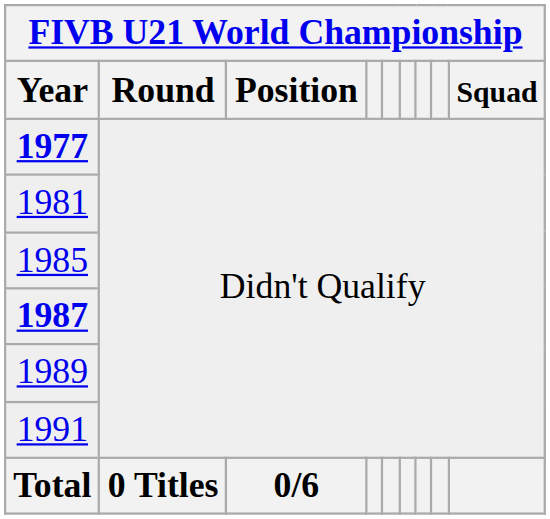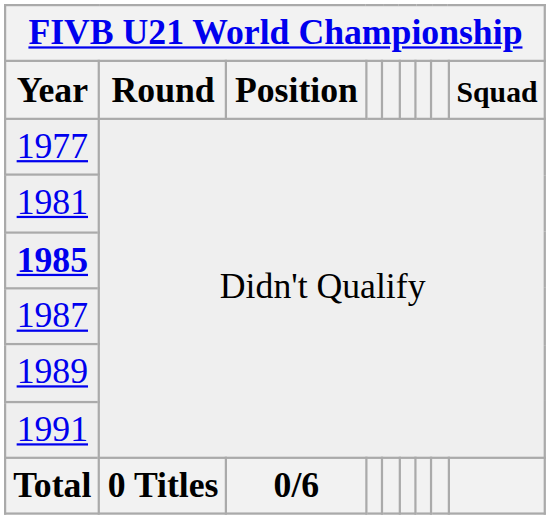 <table class="wikitable" style="text-align: center;">
 <tr>
 <th colspan=9><a href='#'>FIVB U21 World Championship</a></th>
 </tr>
 <tr>
 <th>Year</th>
 <th>Round</th>
 <th>Position</th>
 <th></th>
 <th></th>
 <th></th>
 <th></th>
 <th></th>
 <th><small>Squad</small></th>
 </tr>
 <tr bgcolor=efefef>
-<td><strong> <a href='#'>1977</a></strong></td>
+<td> <a href='#'>1977</a></td>
 <td colspan=8 rowspan=6>Didn't Qualify</td>
 </tr>
 <tr bgcolor=efefef>
 <td> <a href='#'>1981</a></td>
 </tr>
 <tr bgcolor=efefef>
-<td> <a href='#'>1985</a></td>
+<td><strong> <a href='#'>1985</a></strong></td>
 </tr>
 <tr bgcolor=efefef>
-<td><strong> <a href='#'>1987</a></strong></td>
+<td> <a href='#'>1987</a></td>
 </tr>
 <tr bgcolor=efefef>
 <td> <a href='#'>1989</a></td>
 </tr>
 <tr bgcolor=efefef>
 <td> <a href='#'>1991</a></td>
 </tr>
 <tr>
 <th>Total</th>
 <th>0 Titles</th>
 <th>0/6</th>
 <th></th>
 <th></th>
 <th></th>
 <th></th>
 <th></th>
 <th></th>
 </tr>
 </table>
